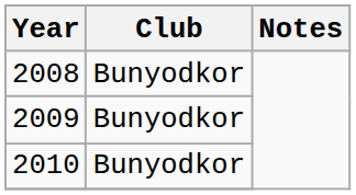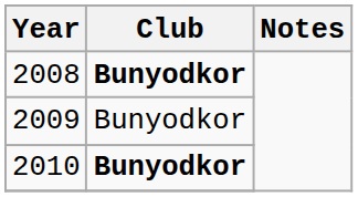 <table class="wikitable">
 <tr>
 <th>Year</th>
 <th>Club</th>
 <th>Notes</th>
 </tr>
 <tr>
 <td>2008</td>
-<td>Bunyodkor</td>
+<td><strong>Bunyodkor</strong></td>
 </tr>
 <tr>
 <td>2009</td>
 <td>Bunyodkor</td>
 </tr>
 <tr>
 <td>2010</td>
-<td>Bunyodkor</td>
+<td><strong>Bunyodkor</strong></td>
 </tr>
 <tr>
 </tr>
 </table>
